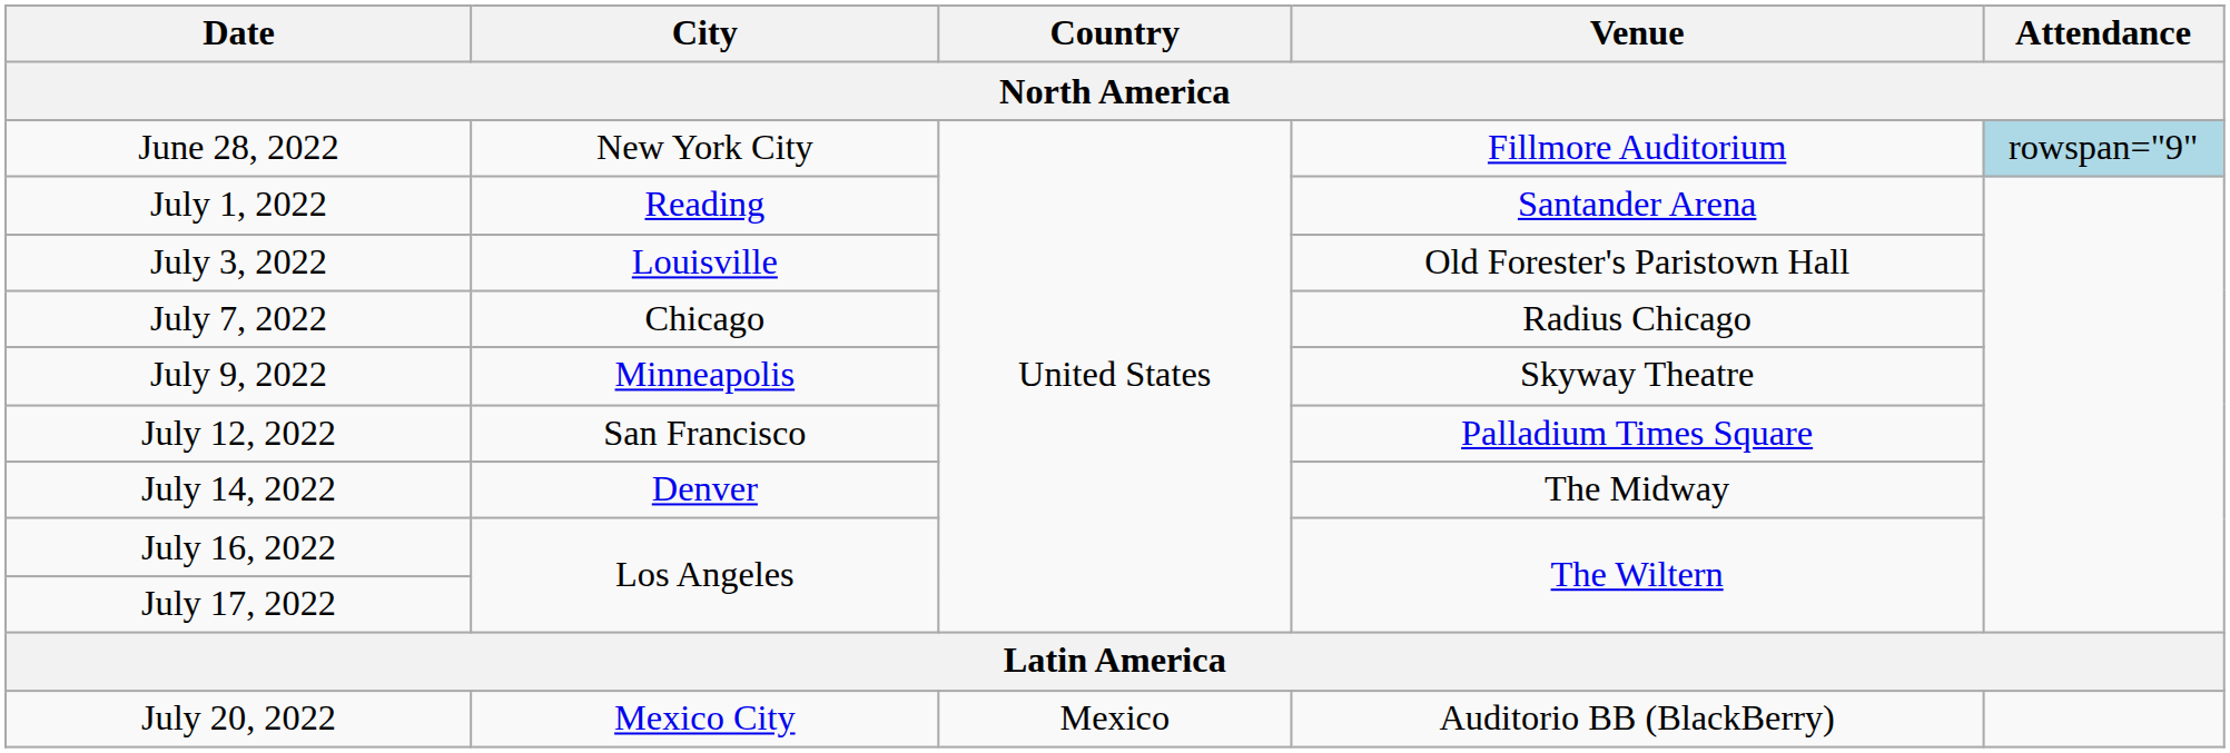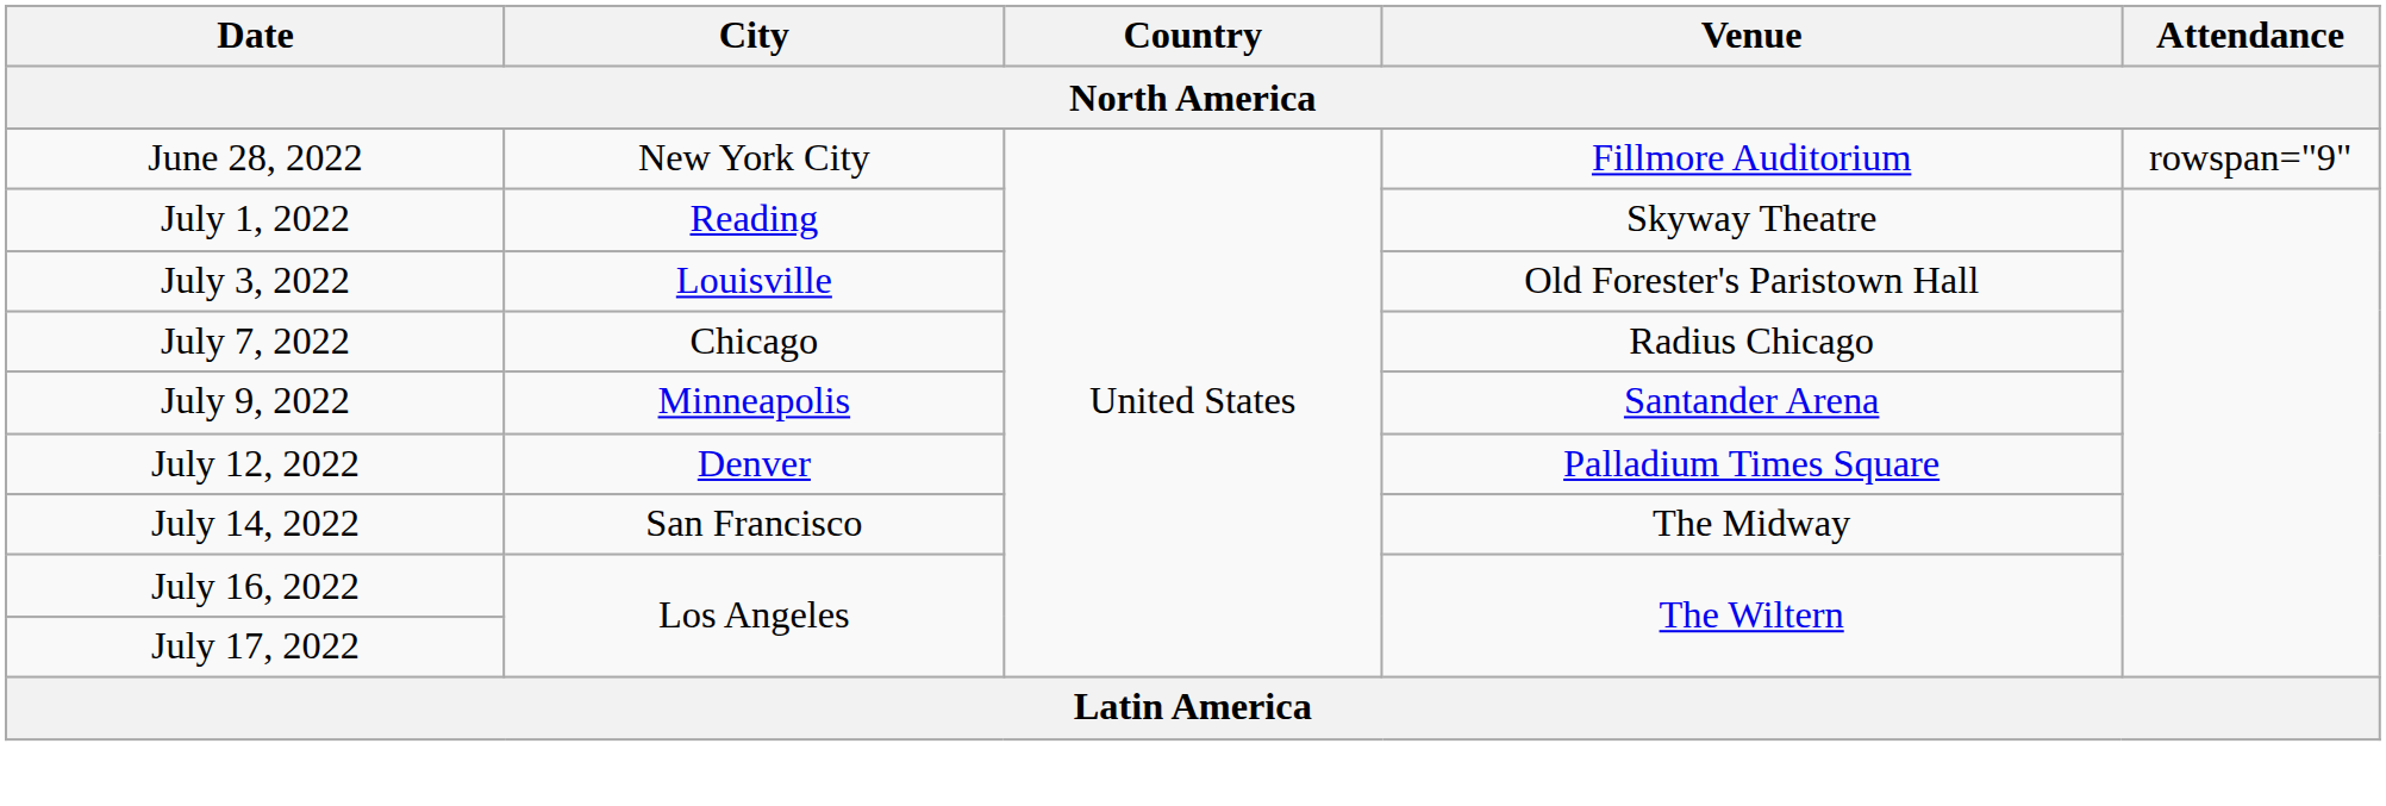 <table class="wikitable" style="text-align:center;">
 <tr>
 <th style="width:200px;">Date</th>
 <th style="width:200px;">City</th>
 <th style="width:150px;">Country</th>
 <th style="width:300px;">Venue</th>
 <th style="width:100px;">Attendance</th>
 </tr>
 <tr>
 <th colspan="5">North America</th>
 </tr>
 <tr>
 <td>June 28, 2022</td>
 <td>New York City</td>
 <td rowspan="9">United States</td>
 <td><a href='#'>Fillmore Auditorium</a></td>
-<td style="background: lightblue;">rowspan="9" </td>
+<td>rowspan="9" </td>
 </tr>
 <tr>
 <td>July 1, 2022</td>
 <td><a href='#'>Reading</a></td>
-<td><a href='#'>Santander Arena</a></td>
+<td>Skyway Theatre</td>
 </tr>
 <tr>
 <td>July 3, 2022</td>
 <td><a href='#'>Louisville</a></td>
 <td>Old Forester's Paristown Hall</td>
 </tr>
 <tr>
 <td>July 7, 2022</td>
 <td>Chicago</td>
 <td>Radius Chicago</td>
 </tr>
 <tr>
 <td>July 9, 2022</td>
 <td><a href='#'>Minneapolis</a></td>
-<td>Skyway Theatre</td>
+<td><a href='#'>Santander Arena</a></td>
 </tr>
 <tr>
 <td>July 12, 2022</td>
-<td>San Francisco</td>
+<td><a href='#'>Denver</a></td>
 <td><a href='#'>Palladium Times Square</a></td>
 </tr>
 <tr>
 <td>July 14, 2022</td>
-<td><a href='#'>Denver</a></td>
+<td>San Francisco</td>
 <td>The Midway</td>
 </tr>
 <tr>
 <td>July 16, 2022</td>
 <td rowspan="2">Los Angeles</td>
 <td rowspan="2"><a href='#'>The Wiltern</a></td>
 </tr>
 <tr>
 <td>July 17, 2022</td>
 </tr>
 <tr>
 <th colspan="5"><strong>Latin America</strong></th>
 </tr>
-<tr>
-<td>July 20, 2022</td>
-<td><a href='#'>Mexico City</a></td>
-<td>Mexico</td>
-<td>Auditorio BB (BlackBerry)</td>
-<td></td>
-</tr>
 </table>
